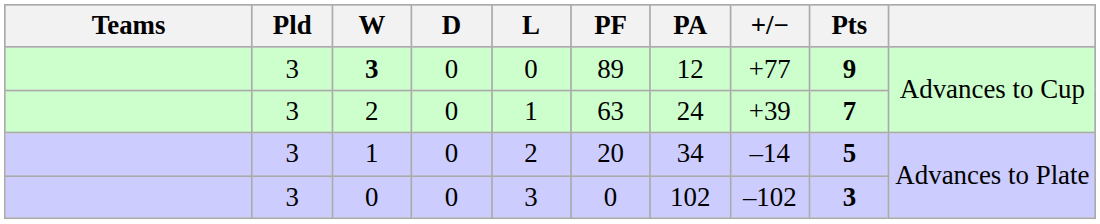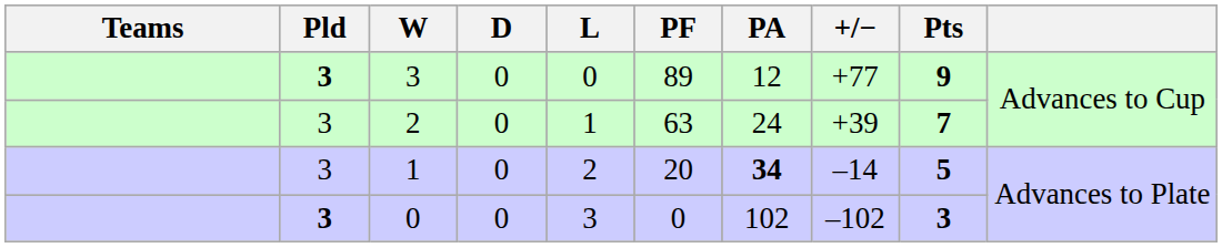 <table class="wikitable" style="text-align: center;">
 <tr>
 <th width="140">Teams</th>
 <th width="40">Pld</th>
 <th width="40">W</th>
 <th width="40">D</th>
 <th width="40">L</th>
 <th width="40">PF</th>
 <th width="40">PA</th>
 <th width="40">+/−</th>
 <th width="40">Pts</th>
 <th></th>
 </tr>
 <tr bgcolor="ccffcc">
 <td align="left"></td>
+<td><strong>3</strong></td>
 <td>3</td>
-<td><strong>3</strong></td>
 <td>0</td>
 <td>0</td>
 <td>89</td>
 <td>12</td>
 <td>+77</td>
 <td><strong>9</strong></td>
 <td rowspan="2">Advances to Cup</td>
 </tr>
 <tr bgcolor="ccffcc">
 <td align="left"></td>
 <td>3</td>
 <td>2</td>
 <td>0</td>
 <td>1</td>
 <td>63</td>
 <td>24</td>
 <td>+39</td>
 <td><strong>7</strong></td>
 </tr>
 <tr bgcolor="ccccff">
 <td align="left"></td>
 <td>3</td>
 <td>1</td>
 <td>0</td>
 <td>2</td>
 <td>20</td>
-<td>34</td>
+<td><strong>34</strong></td>
 <td>–14</td>
 <td><strong>5</strong></td>
 <td rowspan="2">Advances to Plate</td>
 </tr>
 <tr bgcolor="ccccff">
 <td align="left"></td>
-<td>3</td>
+<td><strong>3</strong></td>
 <td>0</td>
 <td>0</td>
 <td>3</td>
 <td>0</td>
 <td>102</td>
 <td>–102</td>
 <td><strong>3</strong></td>
 </tr>
 </table>
